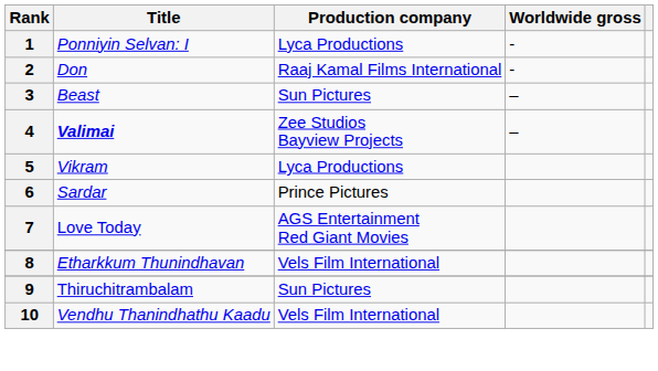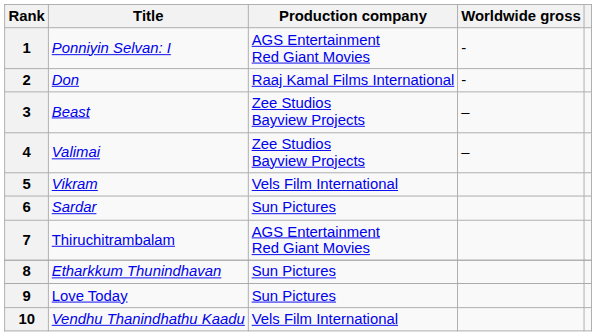 <table class="wikitable sortable" style=" margin:auto;">
 <tr>
 <th>Rank</th>
 <th>Title</th>
 <th>Production company</th>
 <th>Worldwide gross</th>
 <th></th>
 </tr>
 <tr style="text-align:left;">
 <th style="textalign:center;">1</th>
 <td><em><a href='#'>Ponniyin Selvan: I</a></em></td>
-<td><a href='#'>Lyca Productions</a></td>
+<td><a href='#'>AGS Entertainment</a><br><a href='#'>Red Giant Movies</a></td>
 <td>-</td>
 <td></td>
 </tr>
 <tr style="text-align:left;">
 <th style="textalign:center;">2</th>
 <td><em><a href='#'>Don</a></em></td>
 <td><a href='#'>Raaj Kamal Films International</a></td>
 <td>-</td>
 <td></td>
 </tr>
 <tr style="text-align:left;">
 <th style="textalign:center;">3</th>
 <td><em><a href='#'>Beast</a></em></td>
-<td><a href='#'>Sun Pictures</a></td>
+<td><a href='#'>Zee Studios</a><br><a href='#'>Bayview Projects</a></td>
 <td>–</td>
 <td></td>
 </tr>
 <tr style="text-align:left;">
 <th style="textalign:center;">4</th>
-<td><strong><em><a href='#'>Valimai</a></em></strong></td>
+<td><em><a href='#'>Valimai</a></em></td>
 <td><a href='#'>Zee Studios</a><br><a href='#'>Bayview Projects</a></td>
 <td>–</td>
 <td></td>
 </tr>
 <tr style="text-align:left; ">
 <th style="textalign:center;">5</th>
 <td><em><a href='#'>Vikram</a></em></td>
-<td><a href='#'>Lyca Productions</a></td>
+<td><a href='#'>Vels Film International</a></td>
 <td></td>
 <td></td>
 </tr>
 <tr style="text-align:left; ">
 <th style="textalign:center;">6</th>
 <td><em><a href='#'>Sardar</a></em></td>
-<td>Prince Pictures</td>
+<td><a href='#'>Sun Pictures</a></td>
 <td></td>
 <td></td>
 </tr>
 <tr style="text-align:left; ">
 <th style="textalign:center;">7</th>
-<td><a href='#'>Love Today</a></td>
+<td><a href='#'>Thiruchitrambalam</a></td>
 <td><a href='#'>AGS Entertainment</a><br><a href='#'>Red Giant Movies</a></td>
 <td></td>
 <td></td>
 </tr>
 <tr style="text-align:left; ">
 </tr>
 <tr style="text-align:left; ">
 <th style="textalign:center;">8</th>
 <td><em><a href='#'>Etharkkum Thunindhavan</a></em></td>
-<td><a href='#'>Vels Film International</a></td>
+<td><a href='#'>Sun Pictures</a></td>
 <td></td>
 <td></td>
 </tr>
 <tr style="text-align:left; ">
 </tr>
 <tr style="text-align:left; ">
 <th style="textalign:center;">9</th>
-<td><a href='#'>Thiruchitrambalam</a></td>
+<td><a href='#'>Love Today</a></td>
 <td><a href='#'>Sun Pictures</a></td>
 <td></td>
 <td></td>
 </tr>
 <tr style="text-align:left;">
 <th style="textalign:center;">10</th>
 <td><em><a href='#'>Vendhu Thanindhathu Kaadu</a></em></td>
 <td><a href='#'>Vels Film International</a></td>
 <td></td>
 <td></td>
 </tr>
 </table>
